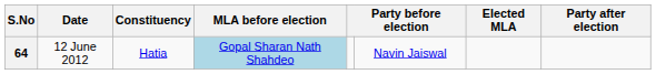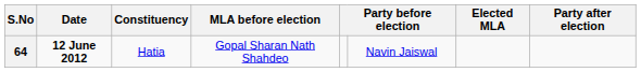 <table class="wikitable sortable" style="text-align:center;">
 <tr>
 <th>S.No</th>
 <th>Date</th>
 <th>Constituency</th>
 <th>MLA before election</th>
 <th colspan="2">Party before election</th>
 <th>Elected MLA</th>
 <th colspan="2">Party after election</th>
 </tr>
 <tr>
 <th>64</th>
-<td>12 June 2012</td>
+<td><strong>12 June 2012</strong></td>
 <td><a href='#'>Hatia</a></td>
-<td style="background: lightblue;"><a href='#'>Gopal Sharan Nath Shahdeo</a></td>
+<td><a href='#'>Gopal Sharan Nath Shahdeo</a></td>
 <td></td>
 <td><a href='#'>Navin Jaiswal</a></td>
 <td></td>
 </tr>
 </table>
